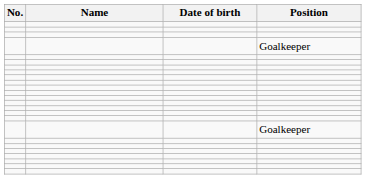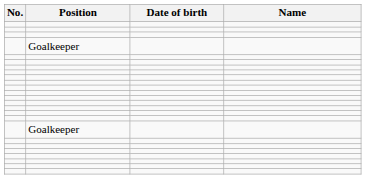 <table class="wikitable sortable" style=font-size:100%; text-align:center;>
 <tr>
 <th>No.</th>
+<th style=width:9em>Position</th>
+<th style=width:8em>Date of birth</th>
 <th style=width:12em>Name</th>
-<th style=width:8em>Date of birth</th>
-<th style=width:9em>Position</th>
 </tr>
 <tr>
 <td></td>
+<td></td>
+<td align=right></td>
 <td align=left></td>
-<td align=right></td>
-<td></td>
 </tr>
 <tr>
 <td></td>
+<td></td>
+<td align=right></td>
 <td align=left></td>
-<td align=right></td>
-<td></td>
 </tr>
 <tr>
 <td></td>
+<td></td>
+<td align=right></td>
 <td align=left></td>
-<td align=right></td>
-<td></td>
 </tr>
 <tr>
 <td></td>
+<td>Goalkeeper</td>
+<td align=right></td>
 <td align=left></td>
-<td align=right></td>
-<td>Goalkeeper</td>
 </tr>
 <tr>
 <td></td>
+<td></td>
+<td align=right></td>
 <td align=left></td>
-<td align=right></td>
-<td></td>
 </tr>
 <tr>
 <td></td>
+<td></td>
+<td align=right></td>
 <td align=left></td>
-<td align=right></td>
-<td></td>
 </tr>
 <tr>
 <td></td>
+<td></td>
+<td align=right></td>
 <td align=left></td>
-<td align=right></td>
-<td></td>
 </tr>
 <tr>
 <td></td>
+<td></td>
+<td align=right></td>
 <td align=left></td>
-<td align=right></td>
-<td></td>
 </tr>
 <tr>
 <td></td>
+<td></td>
+<td align=right></td>
 <td align=left></td>
-<td align=right></td>
-<td></td>
 </tr>
 <tr>
 <td></td>
+<td></td>
+<td align=right></td>
 <td align=left></td>
-<td align=right></td>
-<td></td>
 </tr>
 <tr>
 <td></td>
+<td></td>
+<td align=right></td>
 <td align=left></td>
-<td align=right></td>
-<td></td>
 </tr>
 <tr>
 <td></td>
+<td></td>
+<td align=right></td>
 <td align=left></td>
-<td align=right></td>
-<td></td>
 </tr>
 <tr>
 <td></td>
+<td></td>
+<td align=right></td>
 <td align=left></td>
-<td align=right></td>
-<td></td>
 </tr>
 <tr>
 <td></td>
+<td></td>
+<td align=right></td>
 <td align=left></td>
-<td align=right></td>
-<td></td>
 </tr>
 <tr>
 <td></td>
+<td></td>
+<td align=right></td>
 <td align=left></td>
-<td align=right></td>
-<td></td>
 </tr>
 <tr>
 <td></td>
+<td></td>
+<td align=right></td>
 <td align=left></td>
-<td align=right></td>
-<td></td>
 </tr>
 <tr>
 <td></td>
+<td></td>
+<td align=right></td>
 <td align=left></td>
-<td align=right></td>
-<td></td>
 </tr>
 <tr>
 <td></td>
+<td>Goalkeeper</td>
+<td align=right></td>
 <td align=left></td>
-<td align=right></td>
-<td>Goalkeeper</td>
 </tr>
 <tr>
 <td></td>
+<td></td>
+<td align=right></td>
 <td align=left></td>
-<td align=right></td>
-<td></td>
 </tr>
 <tr>
 <td></td>
+<td></td>
+<td align=right></td>
 <td align=left></td>
-<td align=right></td>
-<td></td>
 </tr>
 <tr>
 <td></td>
+<td></td>
+<td align=right></td>
 <td align=left></td>
-<td align=right></td>
-<td></td>
 </tr>
 <tr>
 <td></td>
+<td></td>
+<td align=right></td>
 <td align=left></td>
-<td align=right></td>
-<td></td>
 </tr>
 <tr>
 <td></td>
+<td></td>
+<td align=right></td>
 <td align=left></td>
-<td align=right></td>
-<td></td>
 </tr>
 <tr>
 <td></td>
+<td></td>
+<td align=right></td>
 <td align=left></td>
-<td align=right></td>
-<td></td>
 </tr>
 <tr>
 <td></td>
+<td></td>
+<td align=right></td>
 <td align=left></td>
-<td align=right></td>
-<td></td>
 </tr>
 </table>
